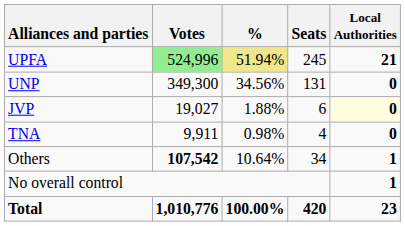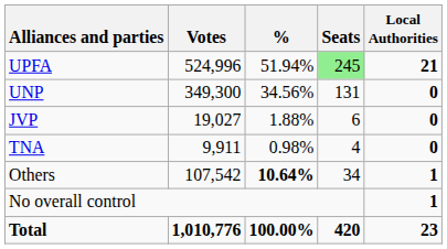 <table class="wikitable" border="1" style="text-align:right;">
 <tr>
 <th valign=bottom align=left>Alliances and parties</th>
 <th valign=bottom align=center width="60">Votes</th>
 <th valign=bottom align=center width="50">%</th>
 <th valign=bottom align=center>Seats</th>
 <th valign=bottom align=center><small>Local<br>Authorities</small></th>
 </tr>
 <tr>
 <td align=left><a href='#'>UPFA</a></td>
-<td style="background: lightgreen;">524,996</td>
-<td style="background: khaki;">51.94%</td>
-<td>245</td>
+<td>524,996</td>
+<td>51.94%</td>
+<td style="background: lightgreen;">245</td>
 <td><strong>21</strong></td>
 </tr>
 <tr>
 <td align=left><a href='#'>UNP</a></td>
 <td>349,300</td>
 <td>34.56%</td>
 <td>131</td>
 <td><strong>0</strong></td>
 </tr>
 <tr>
 <td align=left><a href='#'>JVP</a></td>
 <td>19,027</td>
 <td>1.88%</td>
 <td>6</td>
-<td style="background: lightyellow;"><strong>0</strong></td>
+<td><strong>0</strong></td>
 </tr>
 <tr>
 <td align=left><a href='#'>TNA</a></td>
 <td>9,911</td>
 <td>0.98%</td>
 <td>4</td>
 <td><strong>0</strong></td>
 </tr>
 <tr>
 <td align=left>Others</td>
-<td><strong>107,542</strong></td>
-<td>10.64%</td>
+<td>107,542</td>
+<td><strong>10.64%</strong></td>
 <td>34</td>
 <td><strong>1</strong></td>
 </tr>
 <tr>
 <td colspan=4 align=left>No overall control</td>
 <td><strong>1</strong></td>
 </tr>
 <tr>
 <td align=left><strong>Total</strong></td>
 <td><strong>1,010,776</strong></td>
 <td><strong>100.00%</strong></td>
 <td><strong>420</strong></td>
 <td><strong>23</strong></td>
 </tr>
 </table>
